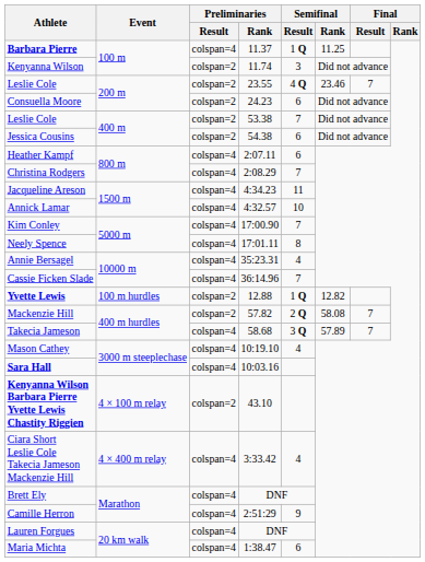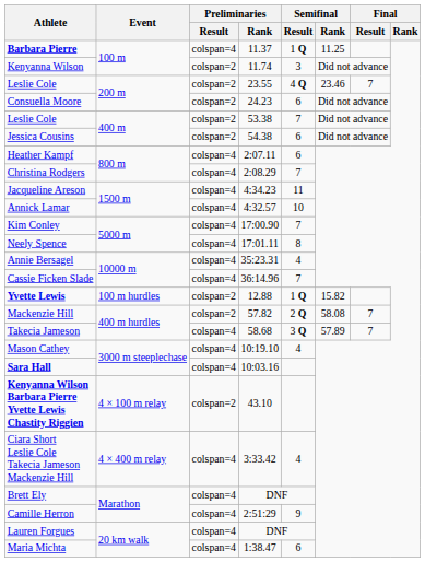 <table class="wikitable" style="font-size:90%">
 <tr>
 <th rowspan=2>Athlete</th>
 <th rowspan=2>Event</th>
 <th colspan=2>Preliminaries</th>
 <th colspan=2>Semifinal</th>
 <th colspan=2>Final</th>
 </tr>
 <tr>
 <th>Result</th>
 <th>Rank</th>
 <th>Result</th>
 <th>Rank</th>
 <th>Result</th>
 <th>Rank</th>
 </tr>
 <tr align=center>
 <td align=left><strong><a href='#'>Barbara Pierre</a></strong></td>
 <td align=left rowspan=2><a href='#'>100 m</a></td>
 <td>colspan=4 </td>
 <td>11.37</td>
 <td>1 <strong>Q</strong></td>
 <td>11.25</td>
 <td></td>
 </tr>
 <tr align=center>
 <td align=left><a href='#'>Kenyanna Wilson</a></td>
 <td>colspan=2 </td>
 <td>11.74</td>
 <td>3</td>
 <td colspan=2>Did not advance</td>
 </tr>
 <tr align=center>
 <td align=left><a href='#'>Leslie Cole</a></td>
 <td align=left rowspan=2><a href='#'>200 m</a></td>
 <td>colspan=2 </td>
 <td>23.55</td>
 <td>4 <strong>Q</strong></td>
 <td>23.46</td>
 <td>7</td>
 </tr>
 <tr align=center>
 <td align=left><a href='#'>Consuella Moore</a></td>
 <td>colspan=2 </td>
 <td>24.23</td>
 <td>6</td>
 <td colspan=2>Did not advance</td>
 </tr>
 <tr align=center>
 <td align=left><a href='#'>Leslie Cole</a></td>
 <td align=left rowspan=2><a href='#'>400 m</a></td>
 <td>colspan=2 </td>
 <td>53.38</td>
 <td>7</td>
 <td colspan=2>Did not advance</td>
 </tr>
 <tr align=center>
 <td align=left><a href='#'>Jessica Cousins</a></td>
 <td>colspan=2 </td>
 <td>54.38</td>
 <td>6</td>
 <td colspan=2>Did not advance</td>
 </tr>
 <tr align=center>
 <td align=left><a href='#'>Heather Kampf</a></td>
 <td align=left rowspan=2><a href='#'>800 m</a></td>
 <td>colspan=4 </td>
 <td>2:07.11</td>
 <td>6</td>
 </tr>
 <tr align=center>
 <td align=left><a href='#'>Christina Rodgers</a></td>
 <td>colspan=4 </td>
 <td>2:08.29</td>
 <td>7</td>
 </tr>
 <tr align=center>
 <td align=left><a href='#'>Jacqueline Areson</a></td>
 <td align=left rowspan=2><a href='#'>1500 m</a></td>
 <td>colspan=4 </td>
 <td>4:34.23</td>
 <td>11</td>
 </tr>
 <tr align=center>
 <td align=left><a href='#'>Annick Lamar</a></td>
 <td>colspan=4 </td>
 <td>4:32.57</td>
 <td>10</td>
 </tr>
 <tr align=center>
 <td align=left><a href='#'>Kim Conley</a></td>
 <td align=left rowspan=2><a href='#'>5000 m</a></td>
 <td>colspan=4 </td>
 <td>17:00.90</td>
 <td>7</td>
 </tr>
 <tr align=center>
 <td align=left><a href='#'>Neely Spence</a></td>
 <td>colspan=4 </td>
 <td>17:01.11</td>
 <td>8</td>
 </tr>
 <tr align=center>
 <td align=left><a href='#'>Annie Bersagel</a></td>
 <td align=left rowspan=2><a href='#'>10000 m</a></td>
 <td>colspan=4 </td>
 <td>35:23.31</td>
 <td>4</td>
 </tr>
 <tr align=center>
 <td align=left><a href='#'>Cassie Ficken Slade</a></td>
 <td>colspan=4 </td>
 <td>36:14.96</td>
 <td>7</td>
 </tr>
 <tr align=center>
 <td align=left><strong><a href='#'>Yvette Lewis</a></strong></td>
 <td align=left><a href='#'>100 m hurdles</a></td>
 <td>colspan=2 </td>
 <td>12.88</td>
 <td>1 <strong>Q</strong></td>
-<td>12.82</td>
+<td>15.82</td>
 <td></td>
 </tr>
 <tr align=center>
 <td align=left><a href='#'>Mackenzie Hill</a></td>
 <td align=left rowspan=2><a href='#'>400 m hurdles</a></td>
 <td>colspan=2 </td>
 <td>57.82</td>
 <td>2 <strong>Q</strong></td>
 <td>58.08</td>
 <td>7</td>
 </tr>
 <tr align=center>
 <td align=left><a href='#'>Takecia Jameson</a></td>
 <td>colspan=4 </td>
 <td>58.68</td>
 <td>3 <strong>Q</strong></td>
 <td>57.89</td>
 <td>7</td>
 </tr>
 <tr align=center>
 <td align=left><a href='#'>Mason Cathey</a></td>
 <td align=left rowspan=2><a href='#'>3000 m steeplechase</a></td>
 <td>colspan=4 </td>
 <td>10:19.10</td>
 <td>4</td>
 </tr>
 <tr align=center>
 <td align=left><strong><a href='#'>Sara Hall</a></strong></td>
 <td>colspan=4 </td>
 <td>10:03.16</td>
 <td></td>
 </tr>
 <tr align=center>
 <td align=left><strong><a href='#'>Kenyanna Wilson</a><br><a href='#'>Barbara Pierre</a><br><a href='#'>Yvette Lewis</a><br><a href='#'>Chastity Riggien</a></strong></td>
 <td align=left><a href='#'>4 × 100 m relay</a></td>
 <td>colspan=2 </td>
 <td>43.10</td>
 <td></td>
 </tr>
 <tr align=center>
 <td align=left><a href='#'>Ciara Short</a><br><a href='#'>Leslie Cole</a><br><a href='#'>Takecia Jameson</a><br><a href='#'>Mackenzie Hill</a></td>
 <td align=left><a href='#'>4 × 400 m relay</a></td>
 <td>colspan=4 </td>
 <td>3:33.42</td>
 <td>4</td>
 </tr>
 <tr align=center>
 <td align=left><a href='#'>Brett Ely</a></td>
 <td align=left rowspan=2><a href='#'>Marathon</a></td>
 <td>colspan=4 </td>
 <td colspan=2>DNF</td>
 </tr>
 <tr align=center>
 <td align=left><a href='#'>Camille Herron</a></td>
 <td>colspan=4 </td>
 <td>2:51:29</td>
 <td>9</td>
 </tr>
 <tr align=center>
 <td align=left><a href='#'>Lauren Forgues</a></td>
 <td align=left rowspan=2><a href='#'>20 km walk</a></td>
 <td>colspan=4 </td>
 <td colspan=2>DNF</td>
 </tr>
 <tr align=center>
 <td align=left><a href='#'>Maria Michta</a></td>
 <td>colspan=4 </td>
 <td>1:38.47</td>
 <td>6</td>
 </tr>
 </table>
